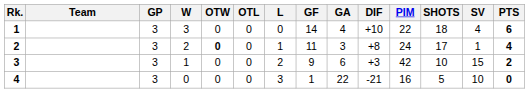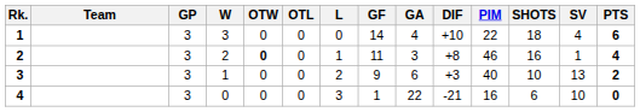 <table class="wikitable" style="text-align:center;">
 <tr>
 <th width=20>Rk.</th>
 <th width=165>Team</th>
 <th width=40>GP</th>
 <th width=40>W</th>
 <th width=40>OTW</th>
 <th width=40>OTL</th>
 <th width=40>L</th>
 <th width=40>GF</th>
 <th width=40>GA</th>
 <th width=40>DIF</th>
 <th width=40><a href='#'>PIM</a></th>
 <th width=40>SHOTS</th>
 <th width=40>SV</th>
 <th width=40>PTS</th>
 </tr>
 <tr style="background:#ffffff;">
 <td> <strong>1</strong></td>
 <td style="text-align:left;"></td>
 <td>3</td>
 <td>3</td>
 <td>0</td>
 <td>0</td>
 <td>0</td>
 <td>14</td>
 <td>4</td>
 <td>+10</td>
 <td>22</td>
 <td>18</td>
 <td>4</td>
 <td><strong>6</strong></td>
 </tr>
 <tr style="background:#ffffff;">
 <td> <strong>2</strong></td>
 <td style="text-align:left;"></td>
 <td>3</td>
 <td>2</td>
 <td><strong>0</strong></td>
 <td>0</td>
 <td>1</td>
 <td>11</td>
 <td>3</td>
 <td>+8</td>
-<td>24</td>
-<td>17</td>
+<td>46</td>
+<td>16</td>
 <td>1</td>
 <td><strong>4</strong></td>
 </tr>
 <tr style="background:#ffffff;">
 <td> <strong>3</strong></td>
 <td style="text-align:left;"></td>
 <td>3</td>
 <td>1</td>
 <td>0</td>
 <td>0</td>
 <td>2</td>
 <td>9</td>
 <td>6</td>
 <td>+3</td>
-<td>42</td>
+<td>40</td>
 <td>10</td>
-<td>15</td>
+<td>13</td>
 <td><strong>2</strong></td>
 </tr>
 <tr style="background:#ffffff;">
 <td> <strong>4</strong></td>
 <td style="text-align:left;"></td>
 <td>3</td>
 <td>0</td>
 <td>0</td>
 <td>0</td>
 <td>3</td>
 <td>1</td>
 <td>22</td>
 <td>-21</td>
 <td>16</td>
-<td>5</td>
+<td>6</td>
 <td>10</td>
 <td><strong>0</strong></td>
 </tr>
 </table>
